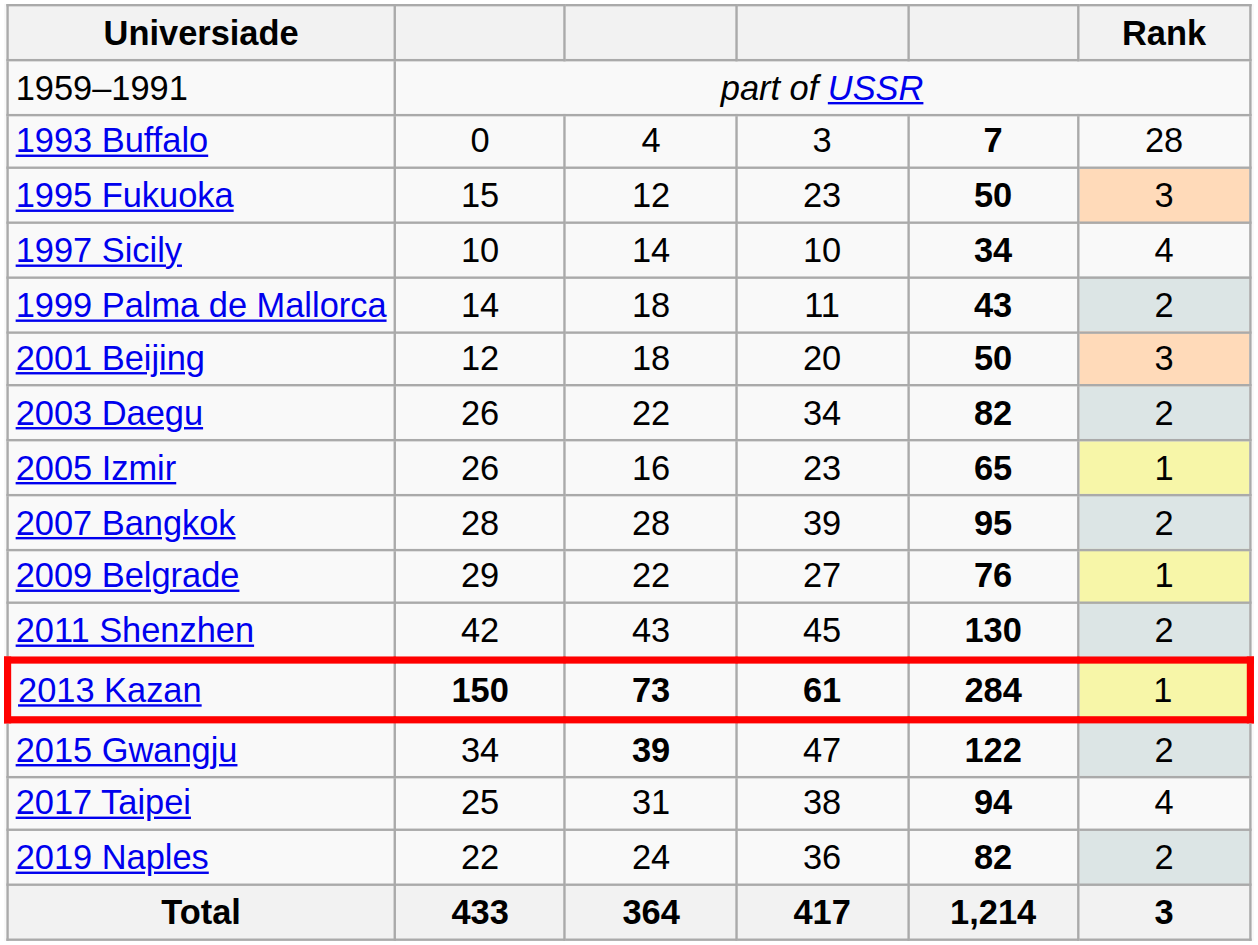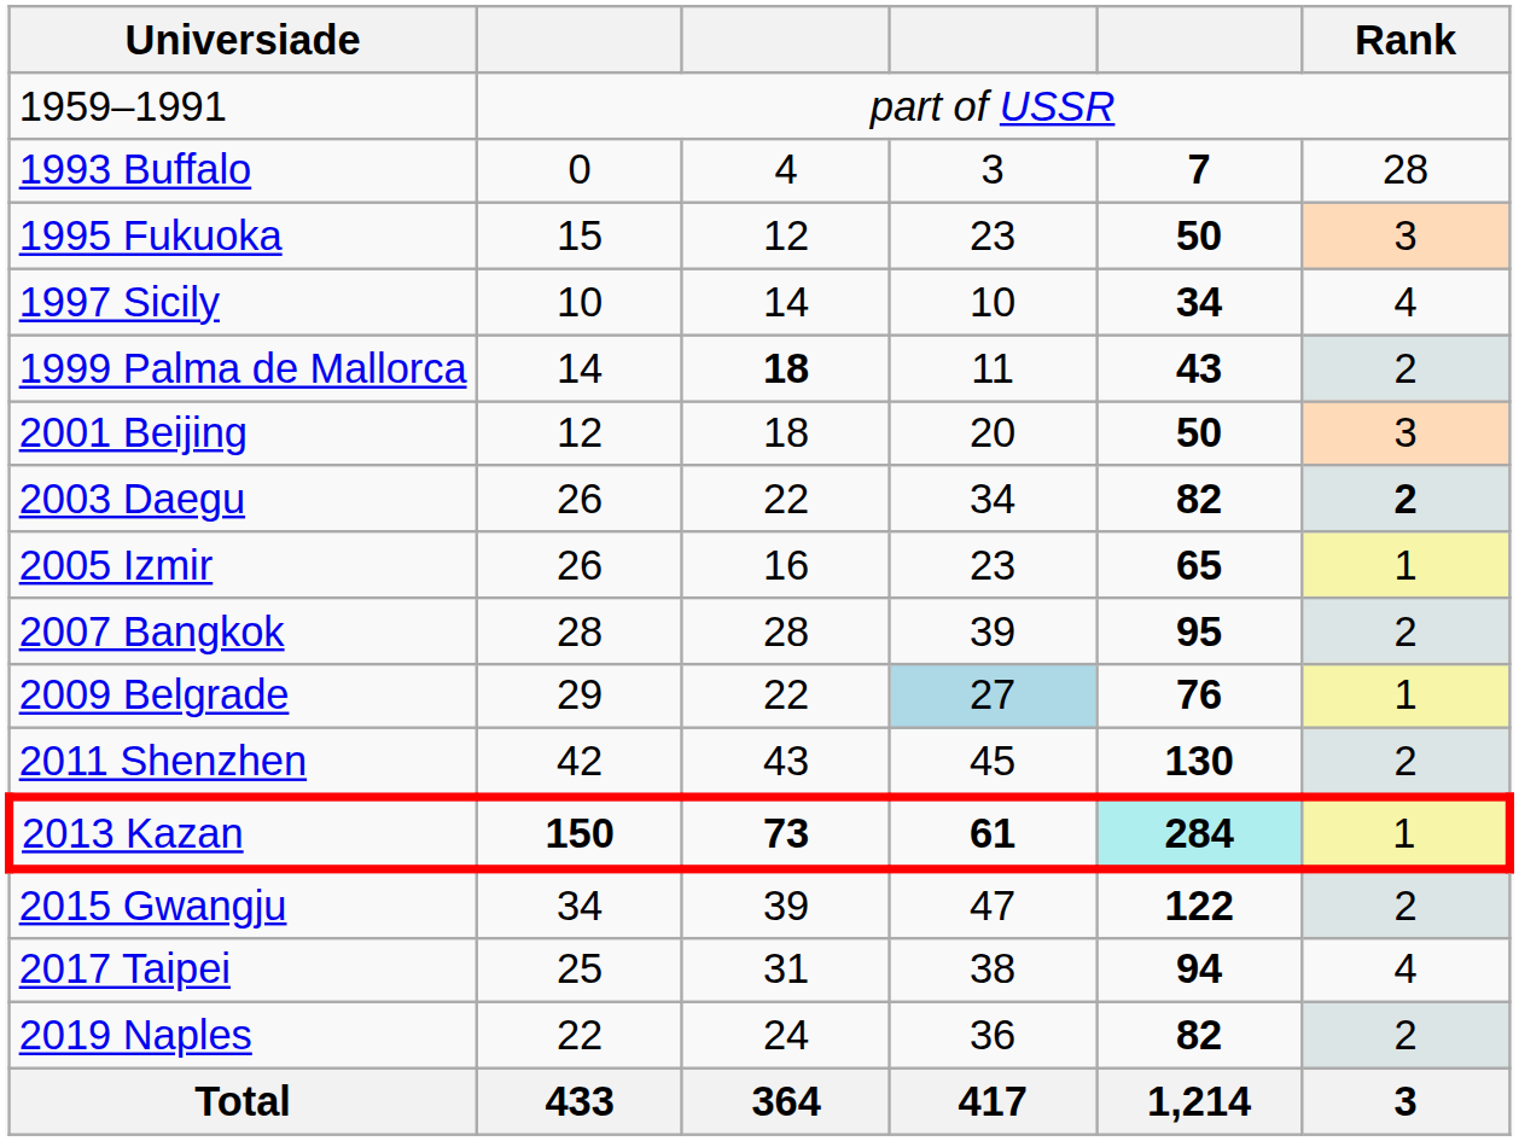 <table class="wikitable" style="text-align:center; font-size:90%;">
 <tr>
 <th>Universiade</th>
 <th style="width:4.5em; font-weight:bold;"></th>
 <th style="width:4.5em; font-weight:bold;"></th>
 <th style="width:4.5em; font-weight:bold;"></th>
 <th style="width:4.5em; font-weight:bold;"></th>
 <th style="width:4.5em; font-weight:bold;">Rank</th>
 </tr>
 <tr>
 <td align=left>1959–1991</td>
 <td colspan=5><em>part of  <a href='#'>USSR</a></em></td>
 </tr>
 <tr>
 <td align=left> <a href='#'>1993 Buffalo</a></td>
 <td>0</td>
 <td>4</td>
 <td>3</td>
 <td><strong>7</strong></td>
 <td>28</td>
 </tr>
 <tr>
 <td align=left> <a href='#'>1995 Fukuoka</a></td>
 <td>15</td>
 <td>12</td>
 <td>23</td>
 <td><strong>50</strong></td>
 <td bgcolor=ffdab9>3</td>
 </tr>
 <tr>
 <td align=left> <a href='#'>1997 Sicily</a></td>
 <td>10</td>
 <td>14</td>
 <td>10</td>
 <td><strong>34</strong></td>
 <td>4</td>
 </tr>
 <tr>
 <td align=left> <a href='#'>1999 Palma de Mallorca</a></td>
 <td>14</td>
-<td>18</td>
+<td><strong>18</strong></td>
 <td>11</td>
 <td><strong>43</strong></td>
 <td bgcolor=DCE5E5>2</td>
 </tr>
 <tr>
 <td align=left> <a href='#'>2001 Beijing</a></td>
 <td>12</td>
 <td>18</td>
 <td>20</td>
 <td><strong>50</strong></td>
 <td bgcolor=ffdab9>3</td>
 </tr>
 <tr>
 <td align=left> <a href='#'>2003 Daegu</a></td>
 <td>26</td>
 <td>22</td>
 <td>34</td>
 <td><strong>82</strong></td>
-<td bgcolor=DCE5E5>2</td>
+<td bgcolor=DCE5E5><strong>2</strong></td>
 </tr>
 <tr>
 <td align=left> <a href='#'>2005 Izmir</a></td>
 <td>26</td>
 <td>16</td>
 <td>23</td>
 <td><strong>65</strong></td>
 <td bgcolor=F7F6A8>1</td>
 </tr>
 <tr>
 <td align=left> <a href='#'>2007 Bangkok</a></td>
 <td>28</td>
 <td>28</td>
 <td>39</td>
 <td><strong>95</strong></td>
 <td bgcolor=DCE5E5>2</td>
 </tr>
 <tr>
 <td align=left> <a href='#'>2009 Belgrade</a></td>
 <td>29</td>
 <td>22</td>
-<td>27</td>
+<td style="background: lightblue;">27</td>
 <td><strong>76</strong></td>
 <td bgcolor=F7F6A8>1</td>
 </tr>
 <tr>
 <td align=left> <a href='#'>2011 Shenzhen</a></td>
 <td>42</td>
 <td>43</td>
 <td>45</td>
 <td><strong>130</strong></td>
 <td bgcolor=DCE5E5>2</td>
 </tr>
 <tr style="border: 3px solid red">
 <td align=left> <a href='#'>2013 Kazan</a></td>
 <td><strong>150</strong></td>
 <td><strong>73</strong></td>
 <td><strong>61</strong></td>
-<td><strong>284</strong></td>
+<td style="background: paleturquoise;"><strong>284</strong></td>
 <td bgcolor=F7F6A8>1</td>
 </tr>
 <tr>
 <td align=left> <a href='#'>2015 Gwangju</a></td>
 <td>34</td>
-<td><strong>39</strong></td>
+<td>39</td>
 <td>47</td>
 <td><strong>122</strong></td>
 <td bgcolor=DCE5E5>2</td>
 </tr>
 <tr>
 <td align=left> <a href='#'>2017 Taipei</a></td>
 <td>25</td>
 <td>31</td>
 <td>38</td>
 <td><strong>94</strong></td>
 <td>4</td>
 </tr>
 <tr>
 <td align=left> <a href='#'>2019 Naples</a></td>
 <td>22</td>
 <td>24</td>
 <td>36</td>
 <td><strong>82</strong></td>
 <td bgcolor=DCE5E5>2</td>
 </tr>
 <tr>
 <th>Total</th>
 <th>433</th>
 <th>364</th>
 <th>417</th>
 <th>1,214</th>
 <th>3</th>
 </tr>
 </table>
